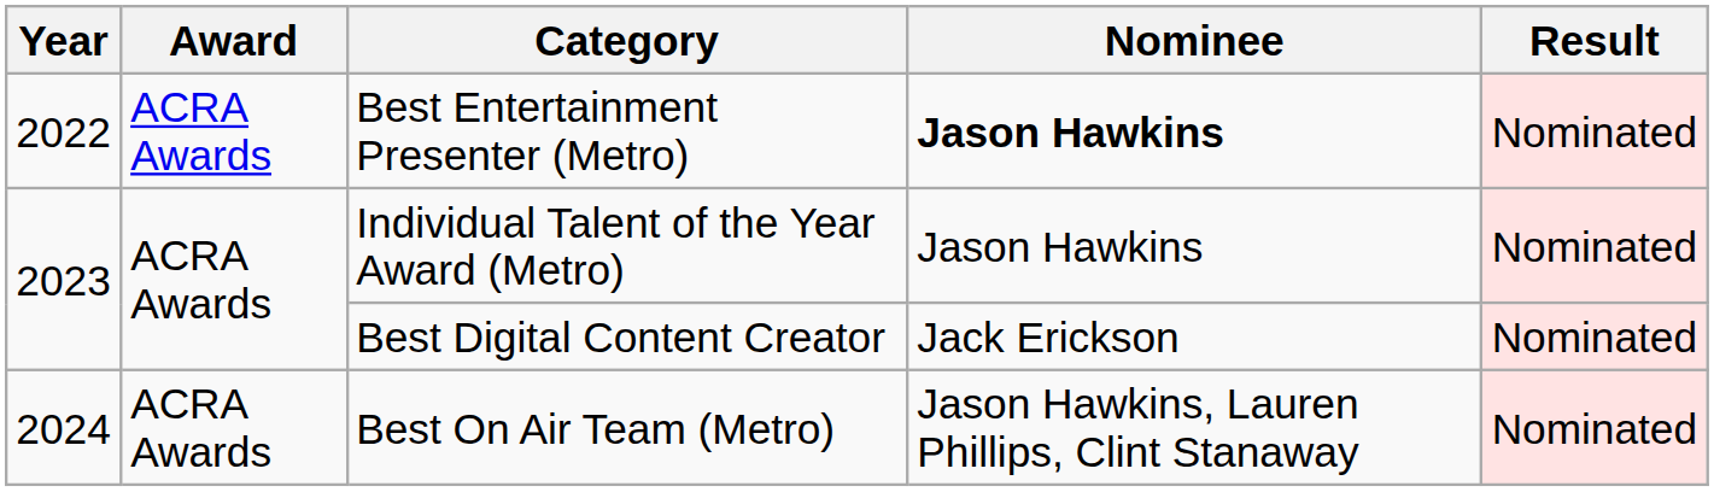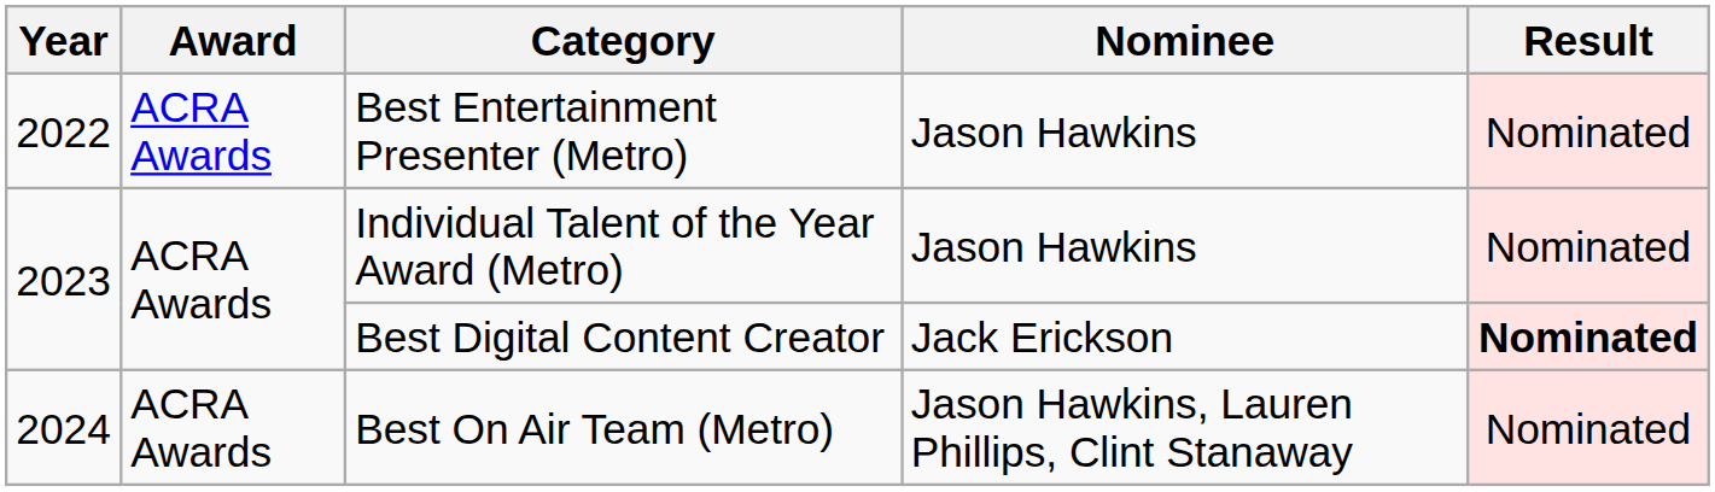 <table class="wikitable plainrowheaders" style="font-size: 95%;">
 <tr>
 <th scope="col">Year</th>
 <th scope="col">Award</th>
 <th scope="col">Category</th>
 <th>Nominee</th>
 <th scope="col">Result</th>
 </tr>
 <tr>
 <td>2022</td>
 <td><a href='#'>ACRA Awards</a> </td>
 <td>Best Entertainment Presenter (Metro)</td>
-<td><strong>Jason Hawkins</strong></td>
+<td>Jason Hawkins</td>
 <td style="background: #FFE3E3; color: black; vertical-align: middle; text-align: center; " class="no table-no2 notheme">Nominated</td>
 </tr>
 <tr>
 <td rowspan="2">2023</td>
 <td rowspan="2">ACRA Awards </td>
 <td>Individual Talent of the Year Award (Metro)</td>
 <td Jason Hawkins>Jason Hawkins</td>
 <td style="background: #FFE3E3; color: black; vertical-align: middle; text-align: center; " class="no table-no2 notheme">Nominated</td>
 </tr>
 <tr>
 <td>Best Digital Content Creator</td>
 <td>Jack Erickson</td>
-<td style="background: #FFE3E3; color: black; vertical-align: middle; text-align: center; " class="no table-no2 notheme">Nominated</td>
+<td style="background: #FFE3E3; color: black; vertical-align: middle; text-align: center; " class="no table-no2 notheme"><strong>Nominated</strong></td>
 </tr>
 <tr>
 <td>2024</td>
 <td>ACRA Awards</td>
 <td>Best On Air Team (Metro)</td>
 <td Jason Hawkins Lauren Phillips, Clint Stanaway>Jason Hawkins, Lauren Phillips, Clint Stanaway</td>
 <td style="background: #FFE3E3; color: black; vertical-align: middle; text-align: center; " class="no table-no2 notheme">Nominated</td>
 </tr>
 </table>
